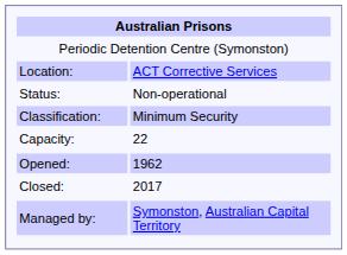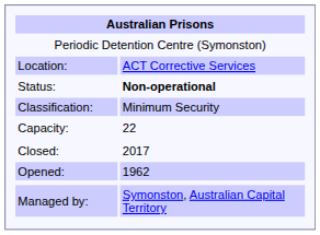 <table cellpadding=2 cellspacing=2 align=right width=256px style="font-family: verdana, sans-serif; padding: 6px; margin: 0 0 1em 1em; font-size: 10px; background-color: #f7f8ff; border:1px solid #8888aa;">
 <tr style=background:#ccccff>
 <td align=center colspan=2><span><strong>Australian Prisons</strong></span></td>
 </tr>
 <tr>
 <td align=center colspan=2>Periodic Detention Centre (Symonston)</td>
 </tr>
 <tr style=background:#ccccff>
 <td style=width:80px>Location:</td>
 <td><a href='#'>ACT Corrective Services</a></td>
 </tr>
 <tr>
 <td>Status:</td>
-<td>Non-operational</td>
+<td><strong>Non-operational</strong></td>
 </tr>
 <tr style=background:#ccccff>
 <td>Classification:</td>
 <td>Minimum Security</td>
 </tr>
 <tr>
 <td>Capacity:</td>
 <td>22</td>
 </tr>
 <tr>
 </tr>
+<tr>
+<td>Closed:</td>
+<td>2017</td>
+</tr>
 <tr style=background:#ccccff>
 <td>Opened:</td>
 <td>1962</td>
-</tr>
-<tr>
-<td>Closed:</td>
-<td>2017</td>
 </tr>
 <tr>
 </tr>
 <tr style=background:#ccccff>
 <td>Managed by:</td>
 <td><a href='#'>Symonston</a>, <a href='#'>Australian Capital Territory</a></td>
 </tr>
 <tr>
 </tr>
 </table>
